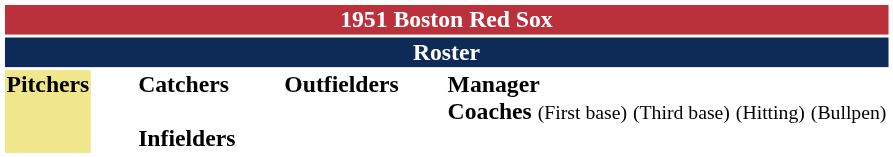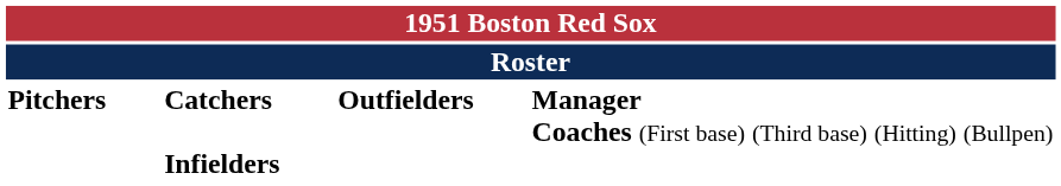 <table class="toccolours" style="text-align: left;">
 <tr>
 <th colspan="10" style="background-color: #ba313c; color: white; text-align: center;">1951 Boston Red Sox</th>
 </tr>
 <tr>
 <td colspan="10" style="background-color: #0d2b56; color: white; text-align: center;"><strong>Roster</strong></td>
 </tr>
 <tr>
-<td valign="top" style="background: khaki;"><strong>Pitchers</strong><br>             </td>
+<td valign="top"><strong>Pitchers</strong><br>             </td>
 <td width="25px"></td>
 <td valign="top"><strong>Catchers</strong><br>      <br><strong>Infielders</strong>          </td>
 <td width="25px"></td>
 <td valign="top"><strong>Outfielders</strong><br>      </td>
 <td width="25px"></td>
 <td valign="top"><strong>Manager</strong><br> <strong>Coaches</strong>  <small>(First base)</small>  <small>(Third base)</small>  <small>(Hitting)</small>  <small>(Bullpen)</small></td>
 </tr>
 <tr>
 </tr>
 </table>
